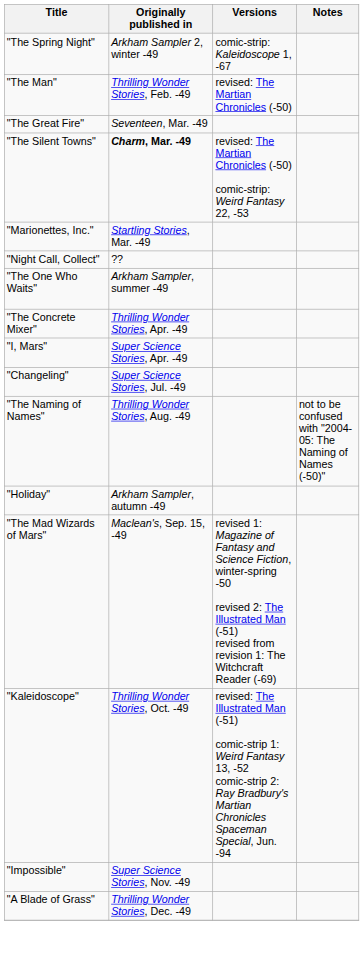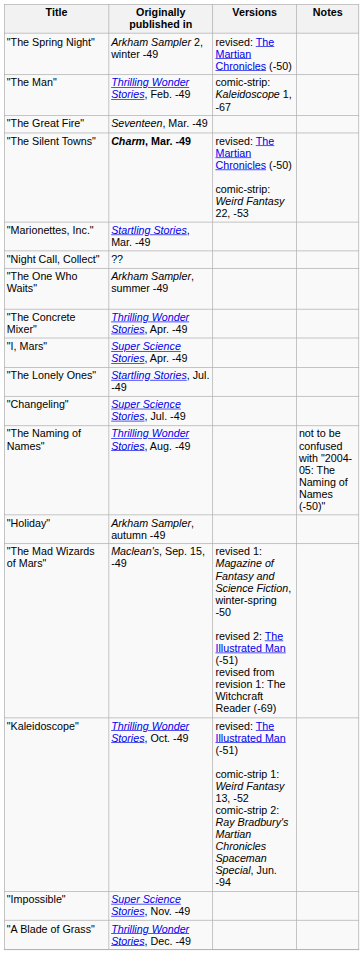 <table class="wikitable" style="width: 85%">
 <tr valign="top">
 <th width="25%">Title</th>
 <th width="25%">Originally published in</th>
 <th width="20%">Versions</th>
 <th width="15%">Notes</th>
 </tr>
 <tr valign="top">
 <td>"The Spring Night" <br><br></td>
 <td><em>Arkham Sampler</em> 2, winter -49</td>
-<td>comic-strip: <em>Kaleidoscope</em> 1, -67</td>
+<td>revised: <a href='#'>The Martian Chronicles</a> (-50)</td>
 <td></td>
 </tr>
 <tr valign="top">
 <td>"The Man"</td>
 <td><a href='#'><em>Thrilling Wonder Stories</em></a>, Feb. -49</td>
-<td>revised: <a href='#'>The Martian Chronicles</a> (-50)</td>
+<td>comic-strip: <em>Kaleidoscope</em> 1, -67</td>
 <td></td>
 </tr>
 <tr valign="top">
 <td>"The Great Fire"</td>
 <td><em>Seventeen</em>, Mar. -49</td>
 <td></td>
 <td></td>
 </tr>
 <tr valign="top">
 <td>"The Silent Towns" <br><br></td>
 <td><strong><em>Charm</em>, Mar. -49</strong></td>
 <td>revised: <a href='#'>The Martian Chronicles</a> (-50) <br><br>comic-strip: <em>Weird Fantasy</em> 22, -53</td>
 <td></td>
 </tr>
 <tr valign="top">
 <td>"Marionettes, Inc." <br><br></td>
 <td><em><a href='#'>Startling Stories</a></em>, Mar. -49</td>
 <td></td>
 <td></td>
 </tr>
 <tr valign="top">
 <td>"Night Call, Collect"</td>
 <td>??</td>
 <td></td>
 <td></td>
 </tr>
 <tr valign="top">
 <td>"The One Who Waits" <br><br></td>
 <td><em>Arkham Sampler</em>, summer -49</td>
 <td></td>
 <td></td>
 </tr>
 <tr valign="top">
 <td>"The Concrete Mixer"</td>
 <td><a href='#'><em>Thrilling Wonder Stories</em></a>, Apr. -49</td>
 <td></td>
 <td></td>
 </tr>
 <tr valign="top">
 <td>"I, Mars"</td>
 <td><em><a href='#'>Super Science Stories</a></em>, Apr. -49</td>
+<td></td>
+<td></td>
+</tr>
+<tr valign="top">
+<td>"The Lonely Ones"</td>
+<td><em><a href='#'>Startling Stories</a></em>, Jul. -49</td>
 <td></td>
 <td></td>
 </tr>
 <tr valign="top">
 <td>"Changeling"</td>
 <td><em><a href='#'>Super Science Stories</a></em>, Jul. -49</td>
 <td></td>
 <td></td>
 </tr>
 <tr valign="top">
 <td>"The Naming of Names" <br><br></td>
 <td><a href='#'><em>Thrilling Wonder Stories</em></a>, Aug. -49</td>
 <td></td>
 <td>not to be confused with "2004-05: The Naming of Names (-50)"</td>
 </tr>
 <tr valign="top">
 <td>"Holiday" <br><br></td>
 <td><em>Arkham Sampler</em>, autumn -49</td>
 <td></td>
 <td></td>
 </tr>
 <tr valign="top">
 <td>"The Mad Wizards of Mars" <br><br></td>
 <td><em>Maclean's</em>, Sep. 15, -49</td>
 <td>revised 1: <em>Magazine of Fantasy and Science Fiction</em>, winter-spring -50 <br><br>revised 2: <a href='#'>The Illustrated Man</a> (-51) <br> revised from revision 1: The Witchcraft Reader (-69)</td>
 <td></td>
 </tr>
 <tr valign="top">
 <td>"Kaleidoscope" <br><br></td>
 <td><a href='#'><em>Thrilling Wonder Stories</em></a>, Oct. -49</td>
 <td>revised: <a href='#'>The Illustrated Man</a> (-51) <br><br>comic-strip 1: <em>Weird Fantasy</em> 13, -52 <br> comic-strip 2: <em>Ray Bradbury's Martian Chronicles Spaceman Special</em>, Jun. -94</td>
 <td></td>
 </tr>
 <tr valign="top">
 <td>"Impossible" <br><br></td>
 <td><em><a href='#'>Super Science Stories</a></em>, Nov. -49</td>
 <td></td>
 <td></td>
 </tr>
 <tr valign="top">
 <td>"A Blade of Grass"</td>
 <td><a href='#'><em>Thrilling Wonder Stories</em></a>, Dec. -49</td>
 <td></td>
 <td></td>
 </tr>
 <tr valign="top">
 </tr>
 </table>
